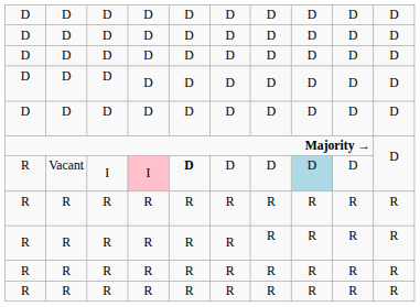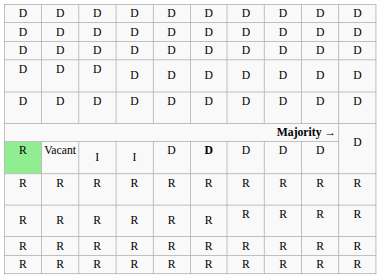 <table class="wikitable" style="text-align:center;">
 <tr>
 <td>D</td>
 <td>D</td>
 <td>D</td>
 <td>D</td>
 <td>D</td>
 <td>D</td>
 <td>D</td>
 <td>D</td>
 <td>D</td>
 <td>D</td>
 </tr>
 <tr>
 <td width=10% >D</td>
 <td width=10% >D</td>
 <td width=10% >D</td>
 <td width=10% >D</td>
 <td width=10% >D</td>
 <td width=10% >D</td>
 <td width=10% >D</td>
 <td width=10% >D</td>
 <td width=10% >D</td>
 <td width=10% >D</td>
 </tr>
 <tr>
 <td>D</td>
 <td>D</td>
 <td>D</td>
 <td>D</td>
 <td>D</td>
 <td>D</td>
 <td>D</td>
 <td>D</td>
 <td>D</td>
 <td>D</td>
 </tr>
 <tr>
 <td>D<br><br></td>
 <td>D<br><br></td>
 <td>D<br><br></td>
 <td>D</td>
 <td>D</td>
 <td>D</td>
 <td>D</td>
 <td>D</td>
 <td>D</td>
 <td>D</td>
 </tr>
 <tr>
 <td>D<br><br></td>
 <td>D<br><br></td>
 <td>D<br><br></td>
 <td>D<br><br></td>
 <td>D<br><br></td>
 <td>D<br><br></td>
 <td>D<br><br></td>
 <td>D<br><br></td>
 <td>D<br><br></td>
 <td>D<br><br></td>
 </tr>
 <tr>
 <td colspan=9 style="text-align:right"><strong>Majority →</strong></td>
 <td rowspan=2 >D<br><br></td>
 </tr>
 <tr>
-<td>R<br><br></td>
+<td style="background: lightgreen;">R<br><br></td>
 <td>Vacant <br><br></td>
 <td>I</td>
-<td style="background: pink;">I</td>
+<td>I</td>
+<td>D<br><br></td>
 <td><strong>D<br><br></strong></td>
 <td>D<br><br></td>
 <td>D<br><br></td>
-<td style="background: lightblue;">D<br><br></td>
 <td>D<br><br></td>
 </tr>
 <tr>
 <td>R<br><br></td>
 <td>R<br><br></td>
 <td>R<br><br></td>
 <td>R<br><br></td>
 <td>R<br><br></td>
 <td>R<br><br></td>
 <td>R<br><br></td>
 <td>R<br><br></td>
 <td>R<br><br></td>
 <td>R<br><br></td>
 </tr>
 <tr>
 <td>R</td>
 <td>R</td>
 <td>R</td>
 <td>R</td>
 <td>R</td>
 <td>R</td>
 <td>R<br><br></td>
 <td>R<br><br></td>
 <td>R<br><br></td>
 <td>R<br><br></td>
 </tr>
 <tr>
 <td>R</td>
 <td>R</td>
 <td>R</td>
 <td>R</td>
 <td>R</td>
 <td>R</td>
 <td>R</td>
 <td>R</td>
 <td>R</td>
 <td>R</td>
 </tr>
 <tr>
 <td>R</td>
 <td>R</td>
 <td>R</td>
 <td>R</td>
 <td>R</td>
 <td>R</td>
 <td>R</td>
 <td>R</td>
 <td>R</td>
 <td>R</td>
 </tr>
 </table>
